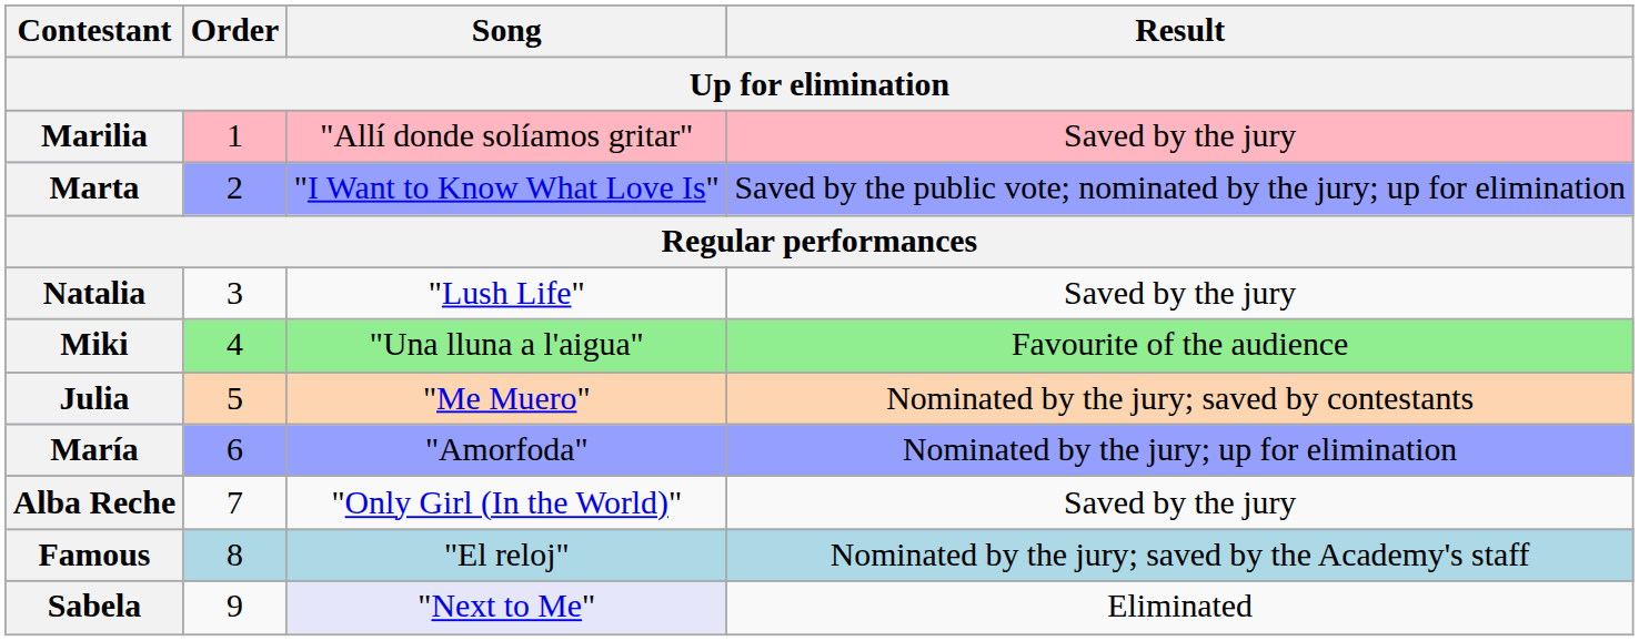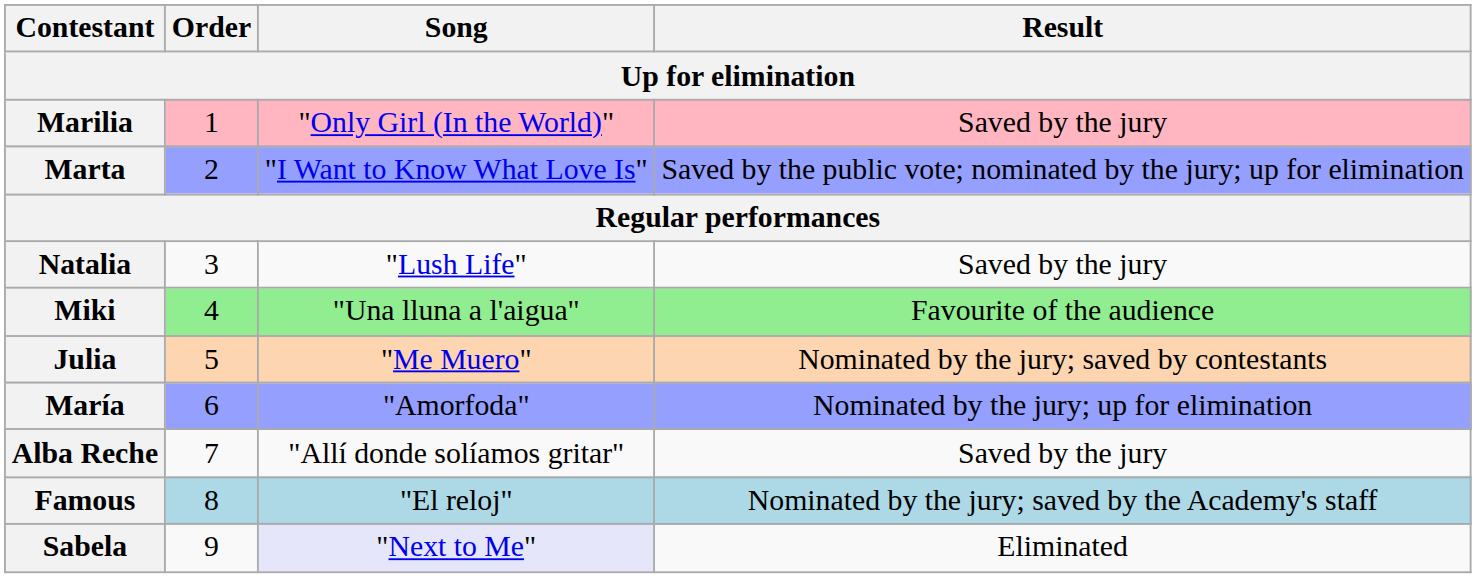 <table class="wikitable plainrowheaders" style="text-align:center;">
 <tr>
 <th scope="col">Contestant</th>
 <th scope="col">Order</th>
 <th scope="col">Song</th>
 <th scope="col">Result</th>
 </tr>
 <tr>
 <th colspan="4">Up for elimination</th>
 </tr>
 <tr style="background:lightpink">
 <th scope="row">Marilia</th>
 <td>1</td>
-<td>"Allí donde solíamos gritar"</td>
+<td>"<a href='#'>Only Girl (In the World)</a>"</td>
 <td>Saved by the jury</td>
 </tr>
 <tr style="background:#959ffd;">
 <th scope="row">Marta</th>
 <td>2</td>
 <td>"<a href='#'>I Want to Know What Love Is</a>"</td>
 <td>Saved by the public vote; nominated by the jury; up for elimination</td>
 </tr>
 <tr>
 <th colspan="4">Regular performances</th>
 </tr>
 <tr>
 <th scope="row">Natalia</th>
 <td>3</td>
 <td>"<a href='#'>Lush Life</a>"</td>
 <td>Saved by the jury</td>
 </tr>
 <tr style="background:lightgreen">
 <th scope="row">Miki</th>
 <td>4</td>
 <td>"Una lluna a l'aigua"</td>
 <td style="background:lightgreen">Favourite of the audience</td>
 </tr>
 <tr style="background:#fdd5b1;">
 <th scope="row">Julia</th>
 <td>5</td>
 <td>"<a href='#'>Me Muero</a>"</td>
 <td style="background:#fdd5b1;">Nominated by the jury; saved by contestants</td>
 </tr>
 <tr style="background:#959ffd;">
 <th scope="row">María</th>
 <td>6</td>
 <td>"Amorfoda"</td>
 <td style="background:#959ffd;">Nominated by the jury; up for elimination</td>
 </tr>
 <tr>
 <th scope="row">Alba Reche</th>
 <td>7</td>
-<td>"<a href='#'>Only Girl (In the World)</a>"</td>
+<td>"Allí donde solíamos gritar"</td>
 <td>Saved by the jury</td>
 </tr>
 <tr style="background:lightblue;">
 <th scope="row">Famous</th>
 <td>8</td>
 <td>"El reloj"</td>
 <td style="background:lightblue;">Nominated by the jury; saved by the Academy's staff</td>
 </tr>
 <tr>
 <th scope="row">Sabela</th>
 <td>9</td>
 <td style="background: lavender;">"<a href='#'>Next to Me</a>"</td>
 <td>Eliminated</td>
 </tr>
 </table>
